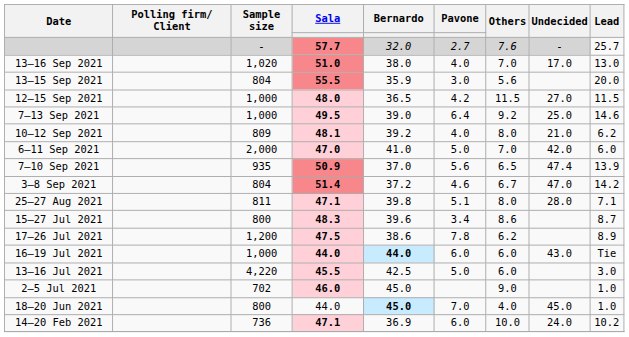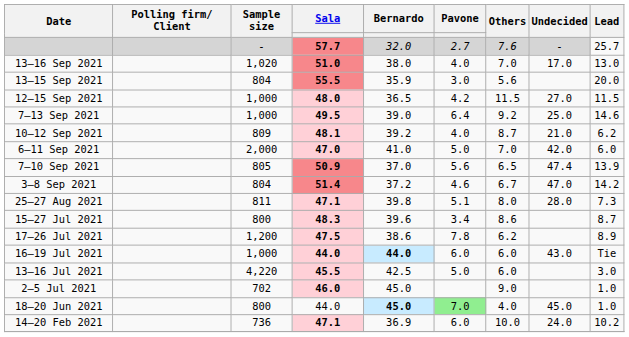 <table class=wikitable style="text-align:center;font-size:85%;line-height:13px">
 <tr style="height:30px; background-color:#E9E9E9">
 <th style="width:110px;" rowspan="2">Date</th>
 <th style="width:120px;" rowspan="2">Polling firm/<br>Client</th>
 <th style="width:60px;" rowspan="2">Sample size</th>
 <th style="width:70px;"><a href='#'>Sala</a></th>
 <th style="width:70px;">Bernardo</th>
 <th style="width:50px;">Pavone</th>
 <th style="width:40px;" rowspan="2">Others</th>
 <th style="width:40px;" rowspan="2">Undecided</th>
 <th style="width:30px;" rowspan="2">Lead</th>
 </tr>
 <tr>
 <th style="background:"></th>
 <th style="background:"></th>
 <th style="background:"></th>
 </tr>
 <tr>
 <td style="background:#D5D5D5"></td>
 <td style="background:#D5D5D5"></td>
 <td style="background:#D5D5D5"><em>-</em></td>
 <td style="background:#F7878B"><strong>57.7</strong></td>
 <td style="background:#D5D5D5"><em>32.0</em></td>
 <td style="background:#D5D5D5"><em>2.7</em></td>
 <td style="background:#D5D5D5"><em>7.6</em></td>
 <td style="background:#D5D5D5"><em>-</em></td>
 <td style="background:">25.7</td>
 </tr>
 <tr>
 <td>13–16 Sep 2021</td>
 <td></td>
 <td>1,020</td>
 <td style="background:#F7878B"><strong>51.0</strong></td>
 <td>38.0</td>
 <td>4.0</td>
 <td>7.0</td>
 <td>17.0</td>
 <td style="background:">13.0</td>
 </tr>
 <tr>
 <td>13–15 Sep 2021</td>
 <td></td>
 <td>804</td>
 <td style="background:#F7878B"><strong>55.5</strong></td>
 <td>35.9</td>
 <td>3.0</td>
 <td>5.6</td>
 <td></td>
 <td style="background:">20.0</td>
 </tr>
 <tr>
 <td>12–15 Sep 2021</td>
 <td></td>
 <td>1,000</td>
 <td style="background:#FFD0D7"><strong>48.0</strong></td>
 <td>36.5</td>
 <td>4.2</td>
 <td>11.5</td>
 <td>27.0</td>
 <td style="background:">11.5</td>
 </tr>
 <tr>
 <td>7–13 Sep 2021</td>
 <td></td>
 <td>1,000</td>
 <td style="background:#FFD0D7"><strong>49.5</strong></td>
 <td>39.0</td>
 <td>6.4</td>
 <td>9.2</td>
 <td>25.0</td>
 <td style="background:">14.6</td>
 </tr>
 <tr>
 <td>10–12 Sep 2021</td>
 <td></td>
 <td>809</td>
 <td style="background:#FFD0D7"><strong>48.1</strong></td>
 <td>39.2</td>
 <td>4.0</td>
-<td>8.0</td>
+<td>8.7</td>
 <td>21.0</td>
 <td style="background:">6.2</td>
 </tr>
 <tr>
 <td>6–11 Sep 2021</td>
 <td></td>
 <td>2,000</td>
 <td style="background:#FFD0D7"><strong>47.0</strong></td>
 <td>41.0</td>
 <td>5.0</td>
 <td>7.0</td>
 <td>42.0</td>
 <td style="background:">6.0</td>
 </tr>
 <tr>
 <td>7–10 Sep 2021</td>
 <td></td>
-<td>935</td>
+<td>805</td>
 <td style="background:#F7878B"><strong>50.9</strong></td>
 <td>37.0</td>
 <td>5.6</td>
 <td>6.5</td>
 <td>47.4</td>
 <td style="background:">13.9</td>
 </tr>
 <tr>
 <td>3–8 Sep 2021</td>
 <td></td>
 <td>804</td>
 <td style="background:#F7878B"><strong>51.4</strong></td>
 <td>37.2</td>
 <td>4.6</td>
 <td>6.7</td>
 <td>47.0</td>
 <td style="background:">14.2</td>
 </tr>
 <tr>
 <td>25–27 Aug 2021</td>
 <td></td>
 <td>811</td>
 <td style="background:#FFD0D7"><strong>47.1</strong></td>
 <td>39.8</td>
 <td>5.1</td>
 <td>8.0</td>
 <td>28.0</td>
-<td style="background:">7.1</td>
+<td style="background:">7.3</td>
 </tr>
 <tr>
 <td>15–27 Jul 2021</td>
 <td></td>
 <td>800</td>
 <td style="background:#FFD0D7"><strong>48.3</strong></td>
 <td>39.6</td>
 <td>3.4</td>
 <td>8.6</td>
 <td></td>
 <td style="background:">8.7</td>
 </tr>
 <tr>
 <td>17–26 Jul 2021</td>
 <td></td>
 <td>1,200</td>
 <td style="background:#FFD0D7"><strong>47.5</strong></td>
 <td>38.6</td>
 <td>7.8</td>
 <td>6.2</td>
 <td></td>
 <td style="background:">8.9</td>
 </tr>
 <tr>
 <td>16–19 Jul 2021</td>
 <td></td>
 <td>1,000</td>
 <td style="background:#FFD0D7"><strong>44.0</strong></td>
 <td style="background:#C8EBFF"><strong>44.0</strong></td>
 <td>6.0</td>
 <td>6.0</td>
 <td>43.0</td>
 <td>Tie</td>
 </tr>
 <tr>
 <td>13–16 Jul 2021</td>
 <td></td>
 <td>4,220</td>
 <td style="background:#FFD0D7"><strong>45.5</strong></td>
 <td>42.5</td>
 <td>5.0</td>
 <td>6.0</td>
 <td></td>
 <td style="background:">3.0</td>
 </tr>
 <tr>
 <td>2–5 Jul 2021</td>
 <td></td>
 <td>702</td>
 <td style="background:#FFD0D7"><strong>46.0</strong></td>
 <td>45.0</td>
 <td></td>
 <td>9.0</td>
 <td></td>
 <td style="background:">1.0</td>
 </tr>
 <tr>
 <td>18–20 Jun 2021</td>
 <td></td>
 <td>800</td>
 <td>44.0</td>
 <td style="background:#C8EBFF"><strong>45.0</strong></td>
-<td>7.0</td>
+<td style="background: lightgreen;">7.0</td>
 <td>4.0</td>
 <td>45.0</td>
 <td style="background:">1.0</td>
 </tr>
 <tr>
 <td>14–20 Feb 2021</td>
 <td></td>
 <td>736</td>
 <td style="background:#FFD0D7"><strong>47.1</strong></td>
 <td>36.9</td>
 <td>6.0</td>
 <td>10.0</td>
 <td>24.0</td>
 <td style="background:">10.2</td>
 </tr>
 <tr>
 </tr>
 </table>
